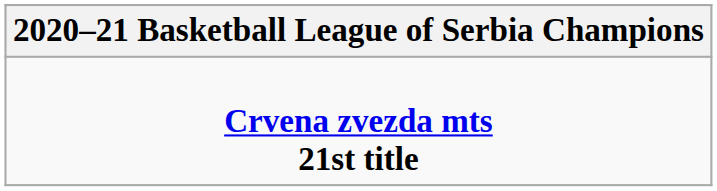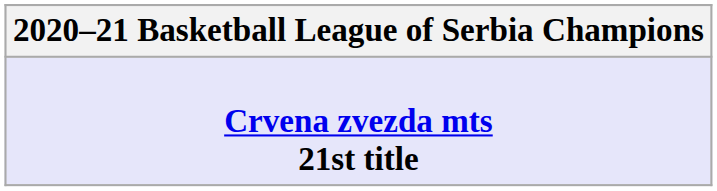 <table class=wikitable style="text-align:center; margin:auto">
 <tr>
 <th>2020–21 Basketball League of Serbia Champions</th>
 </tr>
 <tr>
-<td><br><strong><a href='#'>Crvena zvezda mts</a></strong><br><strong>21st title</strong></td>
+<td style="background: lavender;"><br><strong><a href='#'>Crvena zvezda mts</a></strong><br><strong>21st title</strong></td>
 </tr>
 </table>
